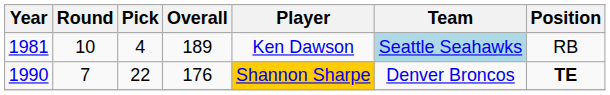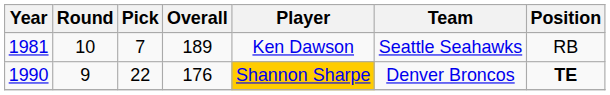 <table class="wikitable sortable" style="text-align: center;">
 <tr>
 <th>Year</th>
 <th>Round</th>
 <th>Pick</th>
 <th>Overall</th>
 <th>Player</th>
 <th>Team</th>
 <th>Position</th>
 </tr>
 <tr>
 <td><a href='#'>1981</a></td>
 <td>10</td>
-<td>4</td>
+<td>7</td>
 <td>189</td>
 <td><a href='#'>Ken Dawson</a></td>
-<td style="background: lightblue;"><a href='#'>Seattle Seahawks</a></td>
+<td><a href='#'>Seattle Seahawks</a></td>
 <td>RB</td>
 </tr>
 <tr>
 <td><a href='#'>1990</a></td>
-<td>7</td>
+<td>9</td>
 <td>22</td>
 <td>176</td>
 <td style="background-color:#FFCC00;"><a href='#'>Shannon Sharpe</a></td>
 <td><a href='#'>Denver Broncos</a></td>
 <td><strong>TE</strong></td>
 </tr>
 <tr>
 </tr>
 </table>
